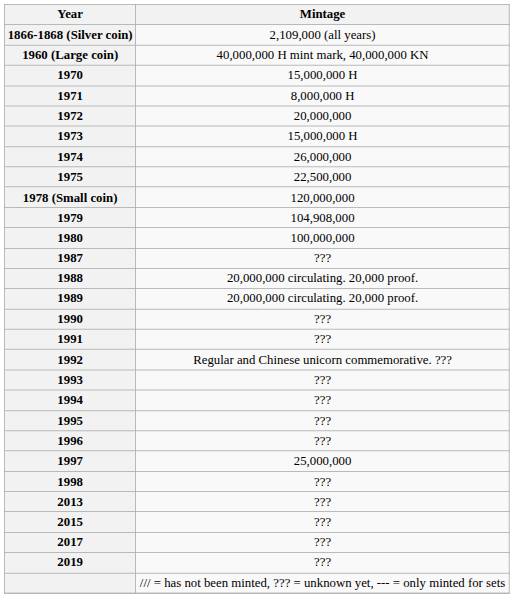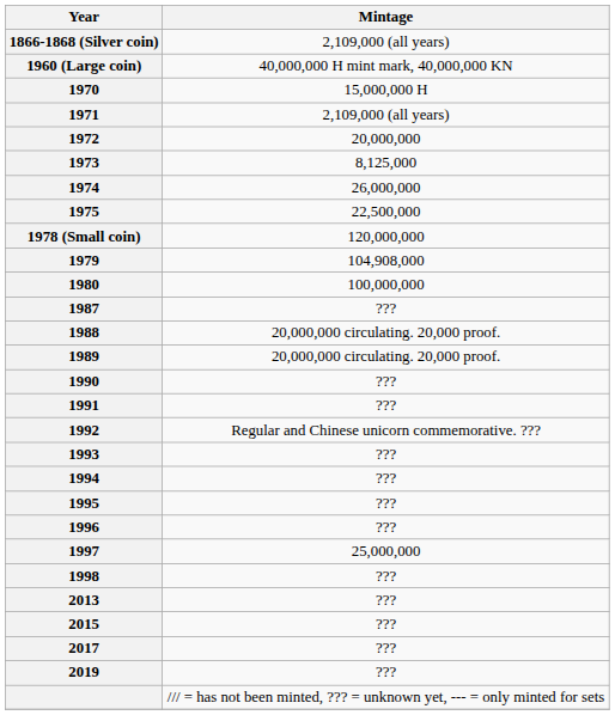 <table class="wikitable" style="width:50%;text-align:center">
 <tr>
 <th>Year </th>
 <th>Mintage</th>
 </tr>
 <tr>
 <th>1866-1868 (Silver coin)</th>
 <td>2,109,000 (all years)</td>
 </tr>
 <tr>
 <th>1960 (Large coin)</th>
 <td>40,000,000 H mint mark, 40,000,000 KN</td>
 </tr>
 <tr>
 <th>1970</th>
 <td>15,000,000 H</td>
 </tr>
 <tr>
 <th>1971</th>
-<td>8,000,000 H</td>
+<td>2,109,000 (all years)</td>
 </tr>
 <tr>
 <th>1972</th>
 <td>20,000,000</td>
 </tr>
 <tr>
 <th>1973</th>
-<td>15,000,000 H</td>
+<td>8,125,000</td>
 </tr>
 <tr>
 <th>1974</th>
 <td>26,000,000</td>
 </tr>
 <tr>
 <th>1975</th>
 <td>22,500,000</td>
 </tr>
 <tr>
 <th>1978 (Small coin)</th>
 <td>120,000,000</td>
 </tr>
 <tr>
 <th>1979</th>
 <td>104,908,000</td>
 </tr>
 <tr>
 <th>1980</th>
 <td>100,000,000</td>
 </tr>
 <tr>
 <th>1987</th>
 <td>???</td>
 </tr>
 <tr>
 <th>1988</th>
 <td>20,000,000 circulating. 20,000 proof.</td>
 </tr>
 <tr>
 <th>1989</th>
 <td>20,000,000 circulating. 20,000 proof.</td>
 </tr>
 <tr>
 <th>1990</th>
 <td>???</td>
 </tr>
 <tr>
 <th>1991</th>
 <td>???</td>
 </tr>
 <tr>
 <th>1992</th>
 <td>Regular and Chinese unicorn commemorative. ???</td>
 </tr>
 <tr>
 <th>1993</th>
 <td>???</td>
 </tr>
 <tr>
 <th>1994</th>
 <td>???</td>
 </tr>
 <tr>
 <th>1995</th>
 <td>???</td>
 </tr>
 <tr>
 <th>1996</th>
 <td>???</td>
 </tr>
 <tr>
 <th>1997</th>
 <td>25,000,000</td>
 </tr>
 <tr>
 <th>1998</th>
 <td>???</td>
 </tr>
 <tr>
 <th>2013</th>
 <td>???</td>
 </tr>
 <tr>
 <th>2015</th>
 <td>???</td>
 </tr>
 <tr>
 <th>2017</th>
 <td>???</td>
 </tr>
 <tr>
 <th>2019</th>
 <td>???</td>
 </tr>
 <tr>
 <th></th>
 <td>/// = has not been minted, ??? = unknown yet, --- = only minted for sets</td>
 </tr>
 <tr>
 </tr>
 </table>
